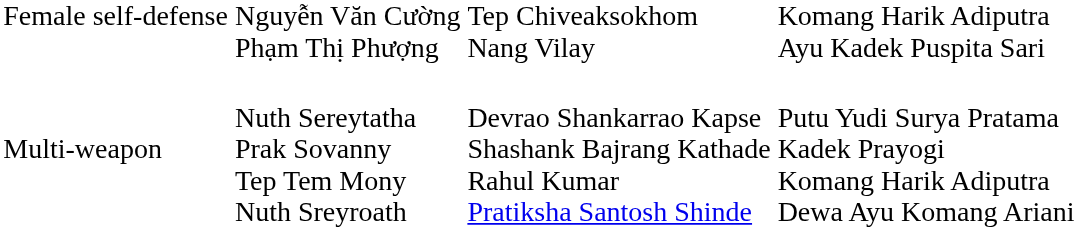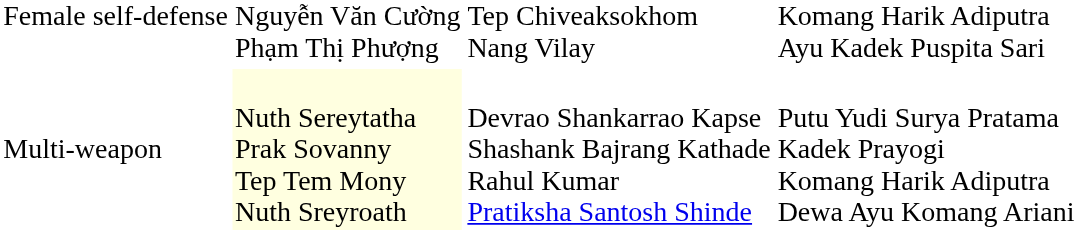 <table>
 <tr>
 <td>Female self-defense</td>
 <td><br>Nguyễn Văn Cường<br>Phạm Thị Phượng</td>
 <td><br>Tep Chiveaksokhom<br>Nang Vilay</td>
 <td><br>Komang Harik Adiputra<br>Ayu Kadek Puspita Sari</td>
 </tr>
 <tr>
 <td>Multi-weapon</td>
-<td><br>Nuth Sereytatha<br>Prak Sovanny<br>Tep Tem Mony<br>Nuth Sreyroath</td>
+<td style="background: lightyellow;"><br>Nuth Sereytatha<br>Prak Sovanny<br>Tep Tem Mony<br>Nuth Sreyroath</td>
 <td><br>Devrao Shankarrao Kapse<br>Shashank Bajrang Kathade<br>Rahul Kumar<br><a href='#'>Pratiksha Santosh Shinde</a></td>
 <td><br>Putu Yudi Surya Pratama<br>Kadek Prayogi<br>Komang Harik Adiputra<br>Dewa Ayu Komang Ariani</td>
 </tr>
 </table>
